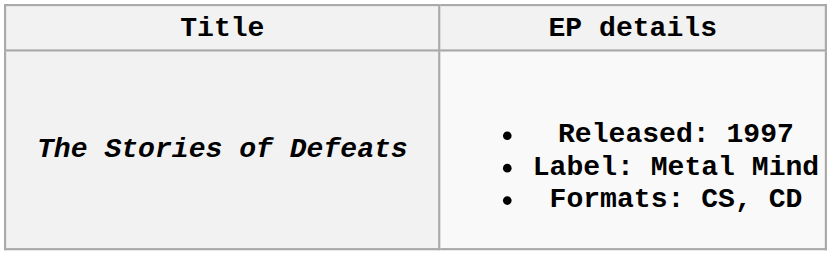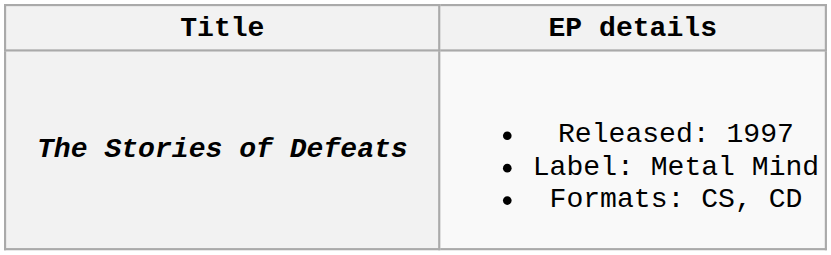 <table class="wikitable plainrowheaders" style="text-align:center;">
 <tr>
 <th scope="col" style="width:15em;">Title</th>
 <th scope="col">EP details</th>
 </tr>
 <tr>
 <th scope="row"><em>The Stories of Defeats</em></th>
-<td><strong><br><ul><li>Released: 1997</li><li>Label: Metal Mind</li><li>Formats: CS, CD</li></ul></strong></td>
+<td><br><ul><li>Released: 1997</li><li>Label: Metal Mind</li><li>Formats: CS, CD</li></ul></td>
 </tr>
 </table>
